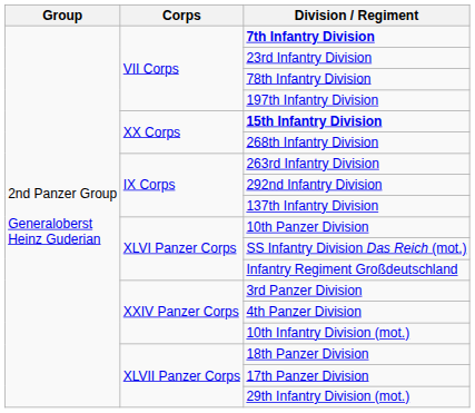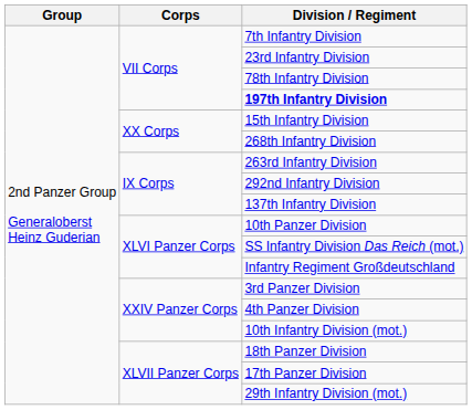 <table class="wikitable" style=text-align: center;>
 <tr>
 <th>Group</th>
 <th>Corps</th>
 <th>Division / Regiment</th>
 </tr>
 <tr>
 <td ROWSPAN=18>2nd Panzer Group<br><br><a href='#'>Generaloberst</a><br><a href='#'>Heinz Guderian</a></td>
 <td ROWSPAN=4><a href='#'>VII Corps</a></td>
-<td><strong><a href='#'>7th Infantry Division</a></strong></td>
+<td><a href='#'>7th Infantry Division</a></td>
 </tr>
 <tr>
 <td><a href='#'>23rd Infantry Division</a></td>
 </tr>
 <tr>
 <td><a href='#'>78th Infantry Division</a></td>
 </tr>
 <tr>
-<td><a href='#'>197th Infantry Division</a></td>
+<td><strong><a href='#'>197th Infantry Division</a></strong></td>
 </tr>
 <tr>
 <td ROWSPAN=2><a href='#'>XX Corps</a></td>
-<td><strong><a href='#'>15th Infantry Division</a></strong></td>
+<td><a href='#'>15th Infantry Division</a></td>
 </tr>
 <tr>
 <td><a href='#'>268th Infantry Division</a></td>
 </tr>
 <tr>
 <td ROWSPAN=3><a href='#'>IX Corps</a></td>
 <td><a href='#'>263rd Infantry Division</a></td>
 </tr>
 <tr>
 <td><a href='#'>292nd Infantry Division</a></td>
 </tr>
 <tr>
 <td><a href='#'>137th Infantry Division</a></td>
 </tr>
 <tr>
 <td ROWSPAN=3><a href='#'>XLVI Panzer Corps</a></td>
 <td><a href='#'>10th Panzer Division</a></td>
 </tr>
 <tr>
 <td><a href='#'>SS Infantry Division <em>Das Reich</em> (mot.)</a></td>
 </tr>
 <tr>
 <td><a href='#'>Infantry Regiment Großdeutschland</a></td>
 </tr>
 <tr>
 <td ROWSPAN=3><a href='#'>XXIV Panzer Corps</a></td>
 <td><a href='#'>3rd Panzer Division</a></td>
 </tr>
 <tr>
 <td><a href='#'>4th Panzer Division</a></td>
 </tr>
 <tr>
 <td><a href='#'>10th Infantry Division (mot.)</a></td>
 </tr>
 <tr>
 <td ROWSPAN=3><a href='#'>XLVII Panzer Corps</a></td>
 <td><a href='#'>18th Panzer Division</a></td>
 </tr>
 <tr>
 <td><a href='#'>17th Panzer Division</a></td>
 </tr>
 <tr>
 <td><a href='#'>29th Infantry Division (mot.)</a></td>
 </tr>
 </table>
